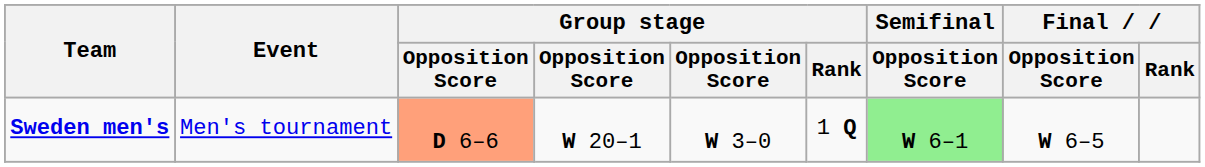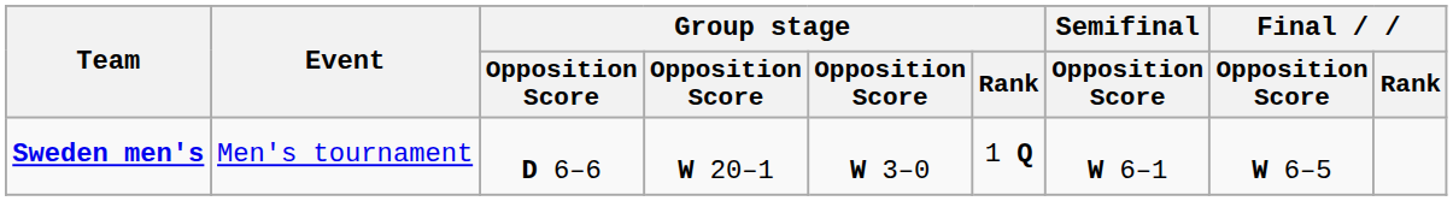 <table class="wikitable" style="text-align:center; font-size:90%">
 <tr>
 <th rowspan=2>Team</th>
 <th rowspan=2>Event</th>
 <th colspan=4>Group stage</th>
 <th>Semifinal</th>
 <th colspan=2>Final /  / </th>
 </tr>
 <tr style="font-size:95%">
 <th>Opposition<br>Score</th>
 <th>Opposition<br>Score</th>
 <th>Opposition<br>Score</th>
 <th>Rank</th>
 <th>Opposition<br>Score</th>
 <th>Opposition<br>Score</th>
 <th>Rank</th>
 </tr>
 <tr>
 <td align=left><strong><a href='#'>Sweden men's</a></strong></td>
 <td align=left><a href='#'>Men's tournament</a></td>
-<td style="background: lightsalmon;"><br><strong>D</strong> 6–6</td>
+<td><br><strong>D</strong> 6–6</td>
 <td><br><strong>W</strong> 20–1</td>
 <td><br><strong>W</strong> 3–0</td>
 <td>1 <strong>Q</strong></td>
-<td style="background: lightgreen;"><br><strong>W</strong> 6–1</td>
+<td><br><strong>W</strong> 6–1</td>
 <td><br><strong>W</strong> 6–5</td>
 <td></td>
 </tr>
 </table>
